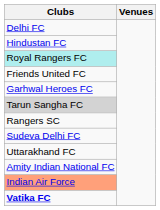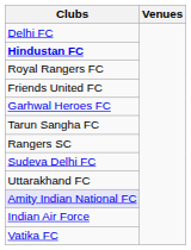 <table class=wikitable>
 <tr>
 <th>Clubs</th>
 <th>Venues</th>
 </tr>
 <tr>
 <td><a href='#'>Delhi FC</a></td>
 <td rowspan=12> <br> </td>
 </tr>
 <tr>
-<td><a href='#'>Hindustan FC</a></td>
+<td><strong><a href='#'>Hindustan FC</a></strong></td>
 </tr>
 <tr>
-<td style="background: paleturquoise;">Royal Rangers FC</td>
+<td>Royal Rangers FC</td>
 </tr>
 <tr>
 <td>Friends United FC</td>
 </tr>
 <tr>
 <td><a href='#'>Garhwal Heroes FC</a></td>
 </tr>
 <tr>
-<td style="background: lightgrey;">Tarun Sangha FC</td>
+<td>Tarun Sangha FC</td>
 </tr>
 <tr>
 <td>Rangers SC</td>
 </tr>
 <tr>
 <td><a href='#'>Sudeva Delhi FC</a></td>
 </tr>
 <tr>
 <td>Uttarakhand FC</td>
 </tr>
 <tr>
-<td><a href='#'>Amity Indian National FC</a></td>
+<td style="background: lavender;"><a href='#'>Amity Indian National FC</a></td>
 </tr>
 <tr>
-<td style="background: lightsalmon;"><a href='#'>Indian Air Force</a></td>
+<td><a href='#'>Indian Air Force</a></td>
 </tr>
 <tr>
-<td><strong><a href='#'>Vatika FC</a></strong></td>
+<td><a href='#'>Vatika FC</a></td>
 </tr>
 </table>
